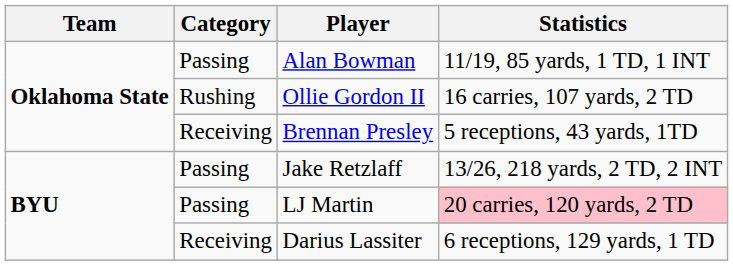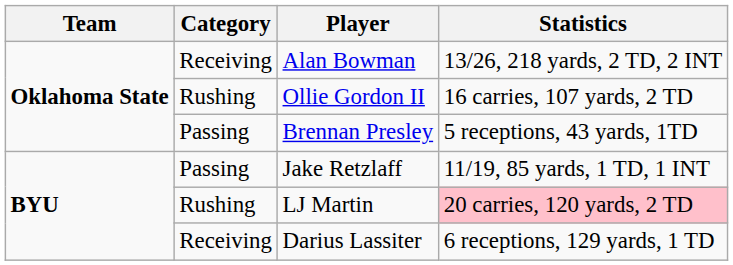 <table class="wikitable" style="float: right;">
 <tr>
 <th>Team</th>
 <th>Category</th>
 <th>Player</th>
 <th>Statistics</th>
 </tr>
 <tr>
 <td rowspan=3><strong>Oklahoma State</strong></td>
-<td>Passing</td>
+<td>Receiving</td>
 <td><a href='#'>Alan Bowman</a></td>
-<td>11/19, 85 yards, 1 TD, 1 INT</td>
+<td>13/26, 218 yards, 2 TD, 2 INT</td>
 </tr>
 <tr>
 <td>Rushing</td>
 <td><a href='#'>Ollie Gordon II</a></td>
 <td>16 carries, 107 yards, 2 TD</td>
 </tr>
 <tr>
-<td>Receiving</td>
+<td>Passing</td>
 <td><a href='#'>Brennan Presley</a></td>
 <td>5 receptions, 43 yards, 1TD</td>
 </tr>
 <tr>
 <td rowspan=3><strong>BYU</strong></td>
 <td>Passing</td>
 <td>Jake Retzlaff</td>
-<td>13/26, 218 yards, 2 TD, 2 INT</td>
+<td>11/19, 85 yards, 1 TD, 1 INT</td>
 </tr>
 <tr>
-<td>Passing</td>
+<td>Rushing</td>
 <td>LJ Martin</td>
 <td style="background: pink;">20 carries, 120 yards, 2 TD</td>
 </tr>
 <tr>
 <td>Receiving</td>
 <td>Darius Lassiter</td>
 <td>6 receptions, 129 yards, 1 TD</td>
 </tr>
 </table>
